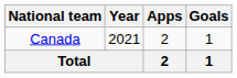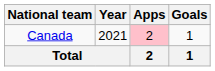 <table class="wikitable" style="text-align:center">
 <tr>
 <th>National team</th>
 <th>Year</th>
 <th>Apps</th>
 <th>Goals</th>
 </tr>
 <tr>
 <td rowspan="1"><a href='#'>Canada</a></td>
 <td>2021</td>
-<td>2</td>
+<td style="background: pink;">2</td>
 <td>1</td>
 </tr>
 <tr>
 <th colspan="2">Total</th>
 <th>2</th>
 <th>1</th>
 </tr>
 </table>
